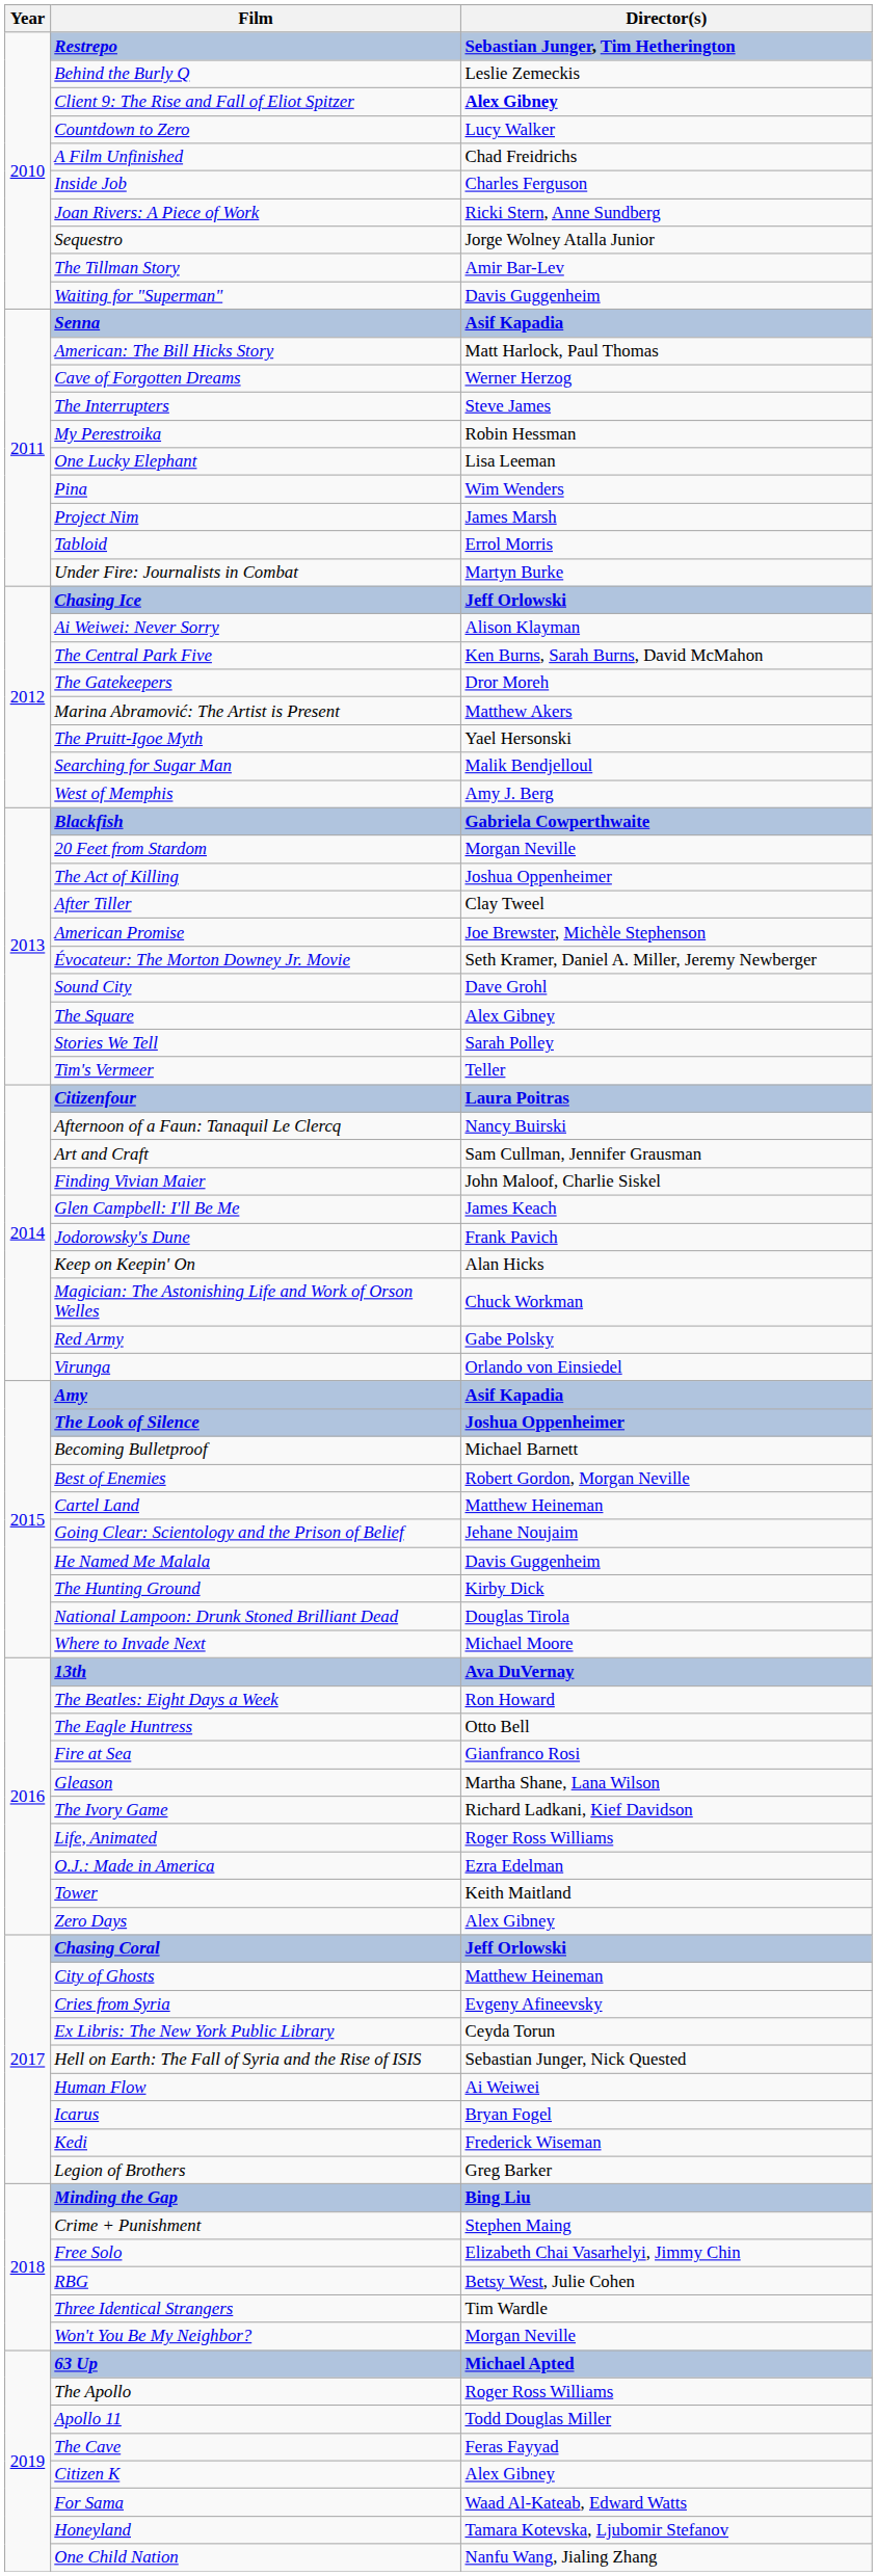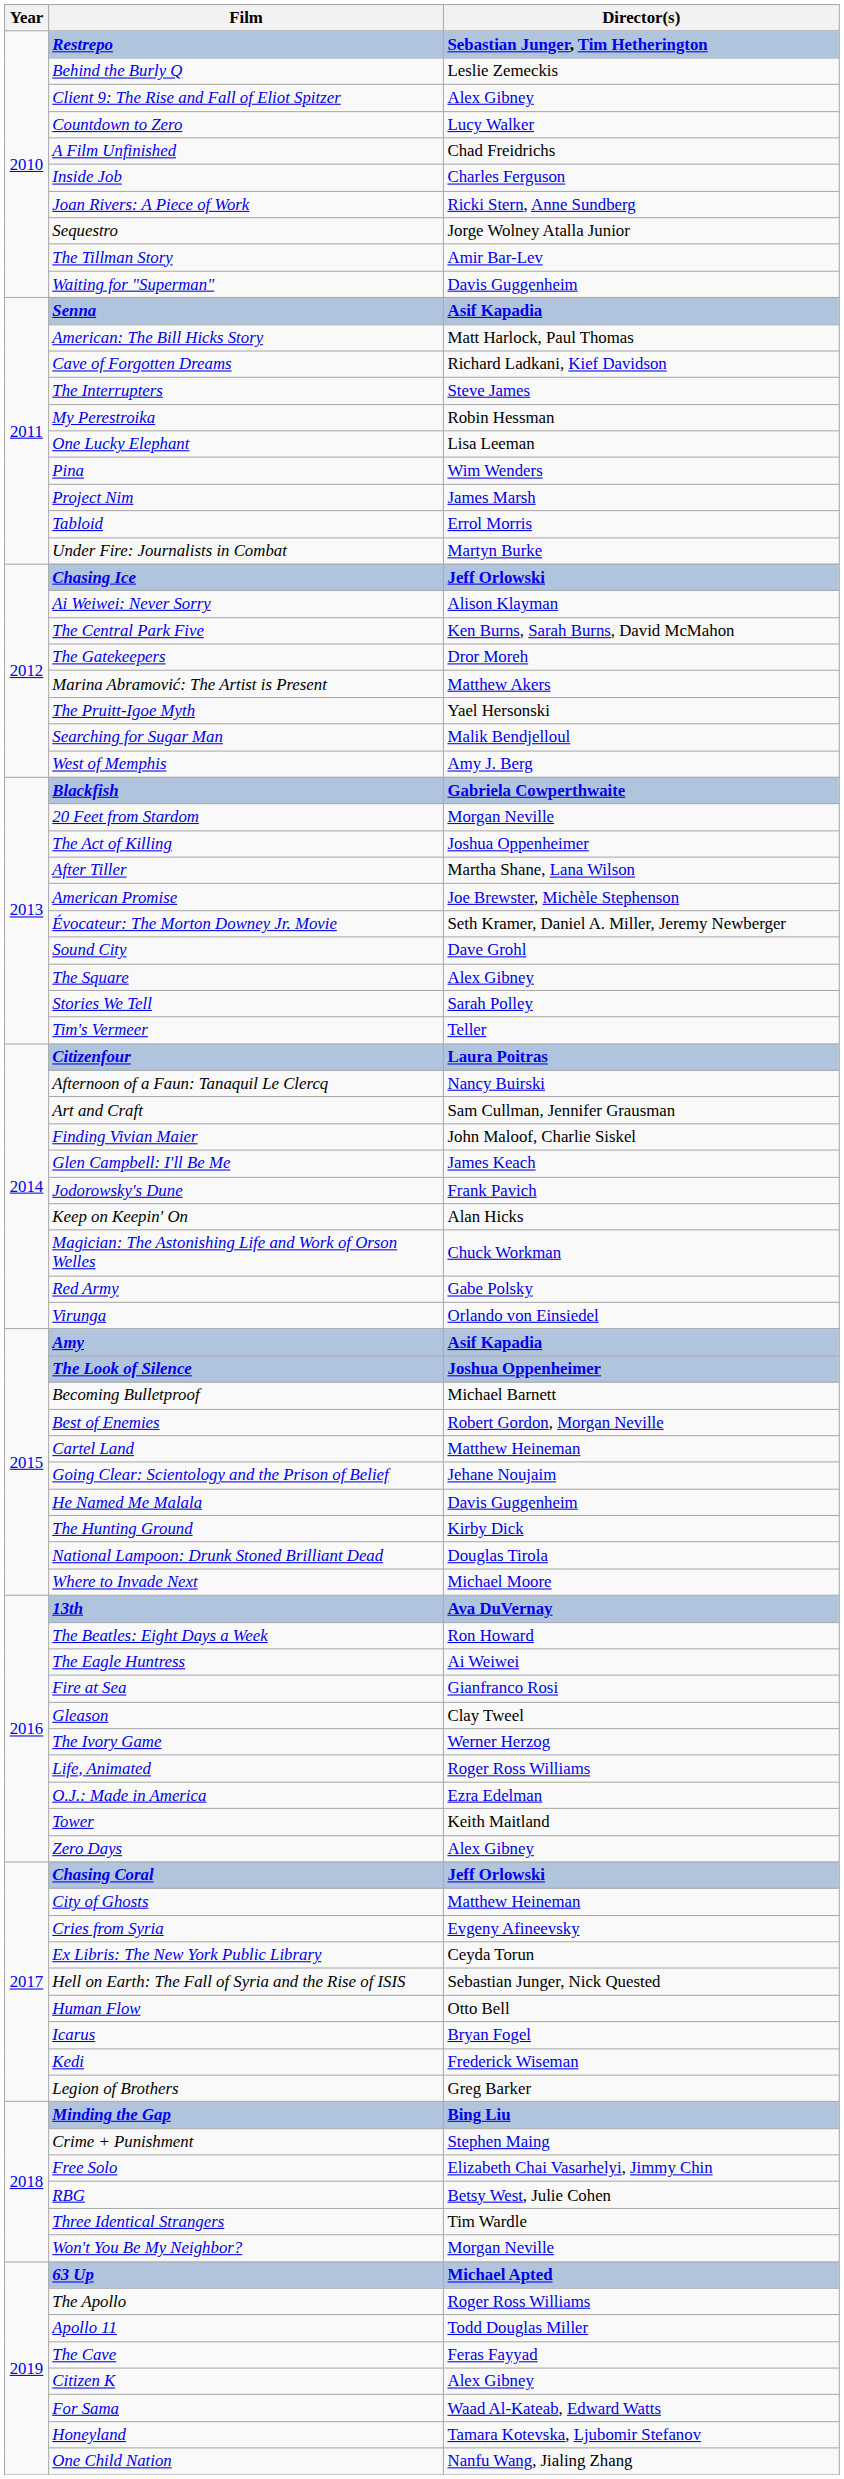 <table class="wikitable" width="90%" cellpadding="5">
 <tr>
 <th width="5%">Year</th>
 <th width="45%">Film</th>
 <th width="45%">Director(s)</th>
 </tr>
 <tr>
 <td rowspan="10" style="text-align:center;"><a href='#'>2010</a><br></td>
 <td style="background:#B0C4DE;"><strong><em><a href='#'>Restrepo</a></em></strong></td>
 <td style="background:#B0C4DE;"><strong><a href='#'>Sebastian Junger</a>, <a href='#'>Tim Hetherington</a></strong></td>
 </tr>
 <tr>
 <td><em><a href='#'>Behind the Burly Q</a></em></td>
 <td>Leslie Zemeckis</td>
 </tr>
 <tr>
 <td><em><a href='#'>Client 9: The Rise and Fall of Eliot Spitzer</a></em></td>
-<td><strong><a href='#'>Alex Gibney</a></strong></td>
+<td><a href='#'>Alex Gibney</a></td>
 </tr>
 <tr>
 <td><em><a href='#'>Countdown to Zero</a></em></td>
 <td><a href='#'>Lucy Walker</a></td>
 </tr>
 <tr>
 <td><em><a href='#'>A Film Unfinished</a></em></td>
 <td>Chad Freidrichs</td>
 </tr>
 <tr>
 <td><em><a href='#'>Inside Job</a></em></td>
 <td><a href='#'>Charles Ferguson</a></td>
 </tr>
 <tr>
 <td><em><a href='#'>Joan Rivers: A Piece of Work</a></em></td>
 <td><a href='#'>Ricki Stern</a>, <a href='#'>Anne Sundberg</a></td>
 </tr>
 <tr>
 <td><em>Sequestro</em></td>
 <td>Jorge Wolney Atalla Junior</td>
 </tr>
 <tr>
 <td><em><a href='#'>The Tillman Story</a></em></td>
 <td><a href='#'>Amir Bar-Lev</a></td>
 </tr>
 <tr>
 <td><em><a href='#'>Waiting for "Superman"</a></em></td>
 <td><a href='#'>Davis Guggenheim</a></td>
 </tr>
 <tr>
 <td rowspan="10" style="text-align:center;"><a href='#'>2011</a><br></td>
 <td style="background:#B0C4DE;"><strong><em><a href='#'>Senna</a></em></strong></td>
 <td style="background:#B0C4DE;"><strong><a href='#'>Asif Kapadia</a></strong></td>
 </tr>
 <tr>
 <td><em><a href='#'>American: The Bill Hicks Story</a></em></td>
 <td>Matt Harlock, Paul Thomas</td>
 </tr>
 <tr>
 <td><em><a href='#'>Cave of Forgotten Dreams</a></em></td>
-<td><a href='#'>Werner Herzog</a></td>
+<td>Richard Ladkani, <a href='#'>Kief Davidson</a></td>
 </tr>
 <tr>
 <td><em><a href='#'>The Interrupters</a></em></td>
 <td><a href='#'>Steve James</a></td>
 </tr>
 <tr>
 <td><em><a href='#'>My Perestroika</a></em></td>
 <td>Robin Hessman</td>
 </tr>
 <tr>
 <td><em><a href='#'>One Lucky Elephant</a></em></td>
 <td>Lisa Leeman</td>
 </tr>
 <tr>
 <td><em><a href='#'>Pina</a></em></td>
 <td><a href='#'>Wim Wenders</a></td>
 </tr>
 <tr>
 <td><em><a href='#'>Project Nim</a></em></td>
 <td><a href='#'>James Marsh</a></td>
 </tr>
 <tr>
 <td><em><a href='#'>Tabloid</a></em></td>
 <td><a href='#'>Errol Morris</a></td>
 </tr>
 <tr>
 <td><em>Under Fire: Journalists in Combat</em></td>
 <td><a href='#'>Martyn Burke</a></td>
 </tr>
 <tr>
 <td rowspan="8" style="text-align:center;"><a href='#'>2012</a><br></td>
 <td style="background:#B0C4DE;"><strong><em><a href='#'>Chasing Ice</a></em></strong></td>
 <td style="background:#B0C4DE;"><strong><a href='#'>Jeff Orlowski</a></strong></td>
 </tr>
 <tr>
 <td><em><a href='#'>Ai Weiwei: Never Sorry</a></em></td>
 <td><a href='#'>Alison Klayman</a></td>
 </tr>
 <tr>
 <td><em><a href='#'>The Central Park Five</a></em></td>
 <td><a href='#'>Ken Burns</a>, <a href='#'>Sarah Burns</a>, David McMahon</td>
 </tr>
 <tr>
 <td><em><a href='#'>The Gatekeepers</a></em></td>
 <td><a href='#'>Dror Moreh</a></td>
 </tr>
 <tr>
 <td><em>Marina Abramović: The Artist is Present</em></td>
 <td><a href='#'>Matthew Akers</a></td>
 </tr>
 <tr>
 <td><em><a href='#'>The Pruitt-Igoe Myth</a></em></td>
 <td>Yael Hersonski</td>
 </tr>
 <tr>
 <td><em><a href='#'>Searching for Sugar Man</a></em></td>
 <td><a href='#'>Malik Bendjelloul</a></td>
 </tr>
 <tr>
 <td><em><a href='#'>West of Memphis</a></em></td>
 <td><a href='#'>Amy J. Berg</a></td>
 </tr>
 <tr>
 <td rowspan="10" style="text-align:center;"><a href='#'>2013</a><br></td>
 <td style="background:#B0C4DE;"><strong><em><a href='#'>Blackfish</a></em></strong></td>
 <td style="background:#B0C4DE;"><strong><a href='#'>Gabriela Cowperthwaite</a></strong></td>
 </tr>
 <tr>
 <td><em><a href='#'>20 Feet from Stardom</a></em></td>
 <td><a href='#'>Morgan Neville</a></td>
 </tr>
 <tr>
 <td><em><a href='#'>The Act of Killing</a></em></td>
 <td><a href='#'>Joshua Oppenheimer</a></td>
 </tr>
 <tr>
 <td><em><a href='#'>After Tiller</a></em></td>
-<td>Clay Tweel</td>
+<td>Martha Shane, <a href='#'>Lana Wilson</a></td>
 </tr>
 <tr>
 <td><em><a href='#'>American Promise</a></em></td>
 <td><a href='#'>Joe Brewster</a>, <a href='#'>Michèle Stephenson</a></td>
 </tr>
 <tr>
 <td><em><a href='#'>Évocateur: The Morton Downey Jr. Movie</a></em></td>
 <td>Seth Kramer, Daniel A. Miller, Jeremy Newberger</td>
 </tr>
 <tr>
 <td><em><a href='#'>Sound City</a></em></td>
 <td><a href='#'>Dave Grohl</a></td>
 </tr>
 <tr>
 <td><em><a href='#'>The Square</a></em></td>
 <td><a href='#'>Alex Gibney</a></td>
 </tr>
 <tr>
 <td><em><a href='#'>Stories We Tell</a></em></td>
 <td><a href='#'>Sarah Polley</a></td>
 </tr>
 <tr>
 <td><em><a href='#'>Tim's Vermeer</a></em></td>
 <td><a href='#'>Teller</a></td>
 </tr>
 <tr>
 <td rowspan="10" style="text-align:center;"><a href='#'>2014</a><br></td>
 <td style="background:#B0C4DE;"><strong><em><a href='#'>Citizenfour</a></em></strong></td>
 <td style="background:#B0C4DE;"><strong><a href='#'>Laura Poitras</a></strong></td>
 </tr>
 <tr>
 <td><em>Afternoon of a Faun: Tanaquil Le Clercq</em></td>
 <td><a href='#'>Nancy Buirski</a></td>
 </tr>
 <tr>
 <td><em>Art and Craft</em></td>
 <td>Sam Cullman, Jennifer Grausman</td>
 </tr>
 <tr>
 <td><em><a href='#'>Finding Vivian Maier</a></em></td>
 <td>John Maloof, Charlie Siskel</td>
 </tr>
 <tr>
 <td><em><a href='#'>Glen Campbell: I'll Be Me</a></em></td>
 <td><a href='#'>James Keach</a></td>
 </tr>
 <tr>
 <td><em><a href='#'>Jodorowsky's Dune</a></em></td>
 <td><a href='#'>Frank Pavich</a></td>
 </tr>
 <tr>
 <td><em>Keep on Keepin' On</em></td>
 <td>Alan Hicks</td>
 </tr>
 <tr>
 <td><em><a href='#'>Magician: The Astonishing Life and Work of Orson Welles</a></em></td>
 <td><a href='#'>Chuck Workman</a></td>
 </tr>
 <tr>
 <td><em><a href='#'>Red Army</a></em></td>
 <td><a href='#'>Gabe Polsky</a></td>
 </tr>
 <tr>
 <td><em><a href='#'>Virunga</a></em></td>
 <td><a href='#'>Orlando von Einsiedel</a></td>
 </tr>
 <tr>
 <td rowspan="10" style="text-align:center;"><a href='#'>2015</a><br></td>
 <td style="background:#B0C4DE;"><strong><em><a href='#'>Amy</a></em></strong></td>
 <td style="background:#B0C4DE;"><strong><a href='#'>Asif Kapadia</a></strong></td>
 </tr>
 <tr>
 <td style="background:#B0C4DE;"><strong><em><a href='#'>The Look of Silence</a></em></strong></td>
 <td style="background:#B0C4DE;"><strong><a href='#'>Joshua Oppenheimer</a></strong></td>
 </tr>
 <tr>
 <td><em>Becoming Bulletproof</em></td>
 <td>Michael Barnett</td>
 </tr>
 <tr>
 <td><em><a href='#'>Best of Enemies</a></em></td>
 <td><a href='#'>Robert Gordon</a>, <a href='#'>Morgan Neville</a></td>
 </tr>
 <tr>
 <td><em><a href='#'>Cartel Land</a></em></td>
 <td><a href='#'>Matthew Heineman</a></td>
 </tr>
 <tr>
 <td><em><a href='#'>Going Clear: Scientology and the Prison of Belief</a></em></td>
 <td><a href='#'>Jehane Noujaim</a></td>
 </tr>
 <tr>
 <td><em><a href='#'>He Named Me Malala</a></em></td>
 <td><a href='#'>Davis Guggenheim</a></td>
 </tr>
 <tr>
 <td><em><a href='#'>The Hunting Ground</a></em></td>
 <td><a href='#'>Kirby Dick</a></td>
 </tr>
 <tr>
 <td><em><a href='#'>National Lampoon: Drunk Stoned Brilliant Dead</a></em></td>
 <td><a href='#'>Douglas Tirola</a></td>
 </tr>
 <tr>
 <td><em><a href='#'>Where to Invade Next</a></em></td>
 <td><a href='#'>Michael Moore</a></td>
 </tr>
 <tr>
 <td rowspan="10" style="text-align:center;"><a href='#'>2016</a><br></td>
 <td style="background:#B0C4DE;"><strong><em><a href='#'>13th</a></em></strong></td>
 <td style="background:#B0C4DE;"><strong><a href='#'>Ava DuVernay</a></strong></td>
 </tr>
 <tr>
 <td><em><a href='#'>The Beatles: Eight Days a Week</a></em></td>
 <td><a href='#'>Ron Howard</a></td>
 </tr>
 <tr>
 <td><em><a href='#'>The Eagle Huntress</a></em></td>
-<td>Otto Bell</td>
+<td><a href='#'>Ai Weiwei</a></td>
 </tr>
 <tr>
 <td><em><a href='#'>Fire at Sea</a></em></td>
 <td><a href='#'>Gianfranco Rosi</a></td>
 </tr>
 <tr>
 <td><em><a href='#'>Gleason</a></em></td>
-<td>Martha Shane, <a href='#'>Lana Wilson</a></td>
+<td>Clay Tweel</td>
 </tr>
 <tr>
 <td><em><a href='#'>The Ivory Game</a></em></td>
-<td>Richard Ladkani, <a href='#'>Kief Davidson</a></td>
+<td><a href='#'>Werner Herzog</a></td>
 </tr>
 <tr>
 <td><em><a href='#'>Life, Animated</a></em></td>
 <td><a href='#'>Roger Ross Williams</a></td>
 </tr>
 <tr>
 <td><em><a href='#'>O.J.: Made in America</a></em></td>
 <td><a href='#'>Ezra Edelman</a></td>
 </tr>
 <tr>
 <td><em><a href='#'>Tower</a></em></td>
 <td>Keith Maitland</td>
 </tr>
 <tr>
 <td><em><a href='#'>Zero Days</a></em></td>
 <td><a href='#'>Alex Gibney</a></td>
 </tr>
 <tr>
 <td rowspan="9" style="text-align:center;"><a href='#'>2017</a><br></td>
 <td style="background:#B0C4DE;"><strong><em><a href='#'>Chasing Coral</a></em></strong></td>
 <td style="background:#B0C4DE;"><strong><a href='#'>Jeff Orlowski</a></strong></td>
 </tr>
 <tr>
 <td><em><a href='#'>City of Ghosts</a></em></td>
 <td><a href='#'>Matthew Heineman</a></td>
 </tr>
 <tr>
 <td><em><a href='#'>Cries from Syria</a></em></td>
 <td><a href='#'>Evgeny Afineevsky</a></td>
 </tr>
 <tr>
 <td><em><a href='#'>Ex Libris: The New York Public Library</a></em></td>
 <td>Ceyda Torun</td>
 </tr>
 <tr>
 <td><em>Hell on Earth: The Fall of Syria and the Rise of ISIS</em></td>
 <td>Sebastian Junger, Nick Quested</td>
 </tr>
 <tr>
 <td><em><a href='#'>Human Flow</a></em></td>
-<td><a href='#'>Ai Weiwei</a></td>
+<td>Otto Bell</td>
 </tr>
 <tr>
 <td><em><a href='#'>Icarus</a></em></td>
 <td><a href='#'>Bryan Fogel</a></td>
 </tr>
 <tr>
 <td><em><a href='#'>Kedi</a></em></td>
 <td><a href='#'>Frederick Wiseman</a></td>
 </tr>
 <tr>
 <td><em>Legion of Brothers</em></td>
 <td>Greg Barker</td>
 </tr>
 <tr>
 <td rowspan="6" style="text-align:center;"><a href='#'>2018</a><br></td>
 <td style="background:#B0C4DE;"><strong><em><a href='#'>Minding the Gap</a></em></strong></td>
 <td style="background:#B0C4DE;"><strong><a href='#'>Bing Liu</a></strong></td>
 </tr>
 <tr>
 <td><em>Crime + Punishment</em></td>
 <td><a href='#'>Stephen Maing</a></td>
 </tr>
 <tr>
 <td><em><a href='#'>Free Solo</a></em></td>
 <td><a href='#'>Elizabeth Chai Vasarhelyi</a>, <a href='#'>Jimmy Chin</a></td>
 </tr>
 <tr>
 <td><em><a href='#'>RBG</a></em></td>
 <td><a href='#'>Betsy West</a>, Julie Cohen</td>
 </tr>
 <tr>
 <td><em><a href='#'>Three Identical Strangers</a></em></td>
 <td>Tim Wardle</td>
 </tr>
 <tr>
 <td><em><a href='#'>Won't You Be My Neighbor?</a></em></td>
 <td><a href='#'>Morgan Neville</a></td>
 </tr>
 <tr>
 <td rowspan="8" style="text-align:center;"><a href='#'>2019</a><br></td>
 <td style="background:#B0C4DE;"><strong><em><a href='#'>63 Up</a></em></strong></td>
 <td style="background:#B0C4DE;"><strong><a href='#'>Michael Apted</a></strong></td>
 </tr>
 <tr>
 <td><em>The Apollo</em></td>
 <td><a href='#'>Roger Ross Williams</a></td>
 </tr>
 <tr>
 <td><em><a href='#'>Apollo 11</a></em></td>
 <td><a href='#'>Todd Douglas Miller</a></td>
 </tr>
 <tr>
 <td><em><a href='#'>The Cave</a></em></td>
 <td><a href='#'>Feras Fayyad</a></td>
 </tr>
 <tr>
 <td><em><a href='#'>Citizen K</a></em></td>
 <td><a href='#'>Alex Gibney</a></td>
 </tr>
 <tr>
 <td><em><a href='#'>For Sama</a></em></td>
 <td><a href='#'>Waad Al-Kateab</a>, <a href='#'>Edward Watts</a></td>
 </tr>
 <tr>
 <td><em><a href='#'>Honeyland</a></em></td>
 <td><a href='#'>Tamara Kotevska</a>, <a href='#'>Ljubomir Stefanov</a></td>
 </tr>
 <tr>
 <td><em><a href='#'>One Child Nation</a></em></td>
 <td><a href='#'>Nanfu Wang</a>, Jialing Zhang</td>
 </tr>
 <tr>
 </tr>
 </table>
